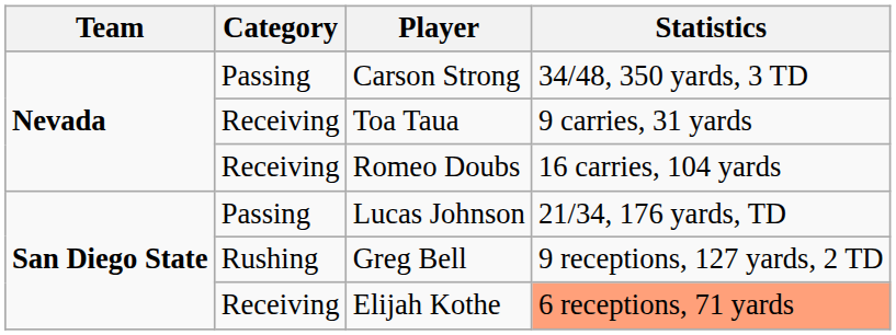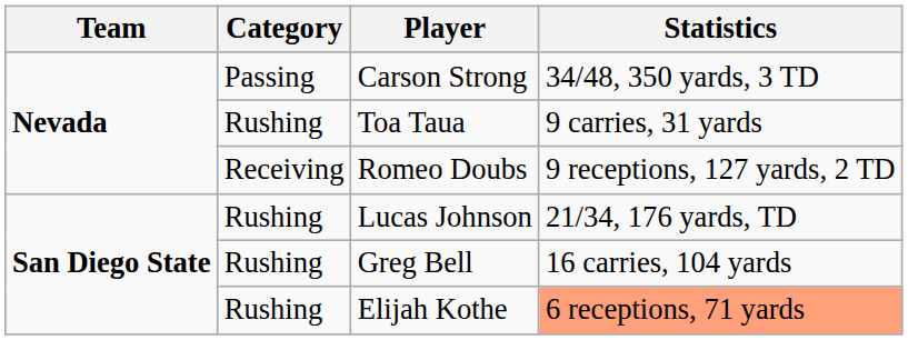 <table class="wikitable" style="float: left;">
 <tr>
 <th>Team</th>
 <th>Category</th>
 <th>Player</th>
 <th>Statistics</th>
 </tr>
 <tr>
 <td rowspan=3><strong>Nevada</strong></td>
 <td>Passing</td>
 <td>Carson Strong</td>
 <td>34/48, 350 yards, 3 TD</td>
 </tr>
 <tr>
-<td>Receiving</td>
+<td>Rushing</td>
 <td>Toa Taua</td>
 <td>9 carries, 31 yards</td>
 </tr>
 <tr>
 <td>Receiving</td>
 <td>Romeo Doubs</td>
-<td>16 carries, 104 yards</td>
+<td>9 receptions, 127 yards, 2 TD</td>
 </tr>
 <tr>
 <td rowspan=3><strong>San Diego State</strong></td>
-<td>Passing</td>
+<td>Rushing</td>
 <td>Lucas Johnson</td>
 <td>21/34, 176 yards, TD</td>
 </tr>
 <tr>
 <td>Rushing</td>
 <td>Greg Bell</td>
-<td>9 receptions, 127 yards, 2 TD</td>
+<td>16 carries, 104 yards</td>
 </tr>
 <tr>
-<td>Receiving</td>
+<td>Rushing</td>
 <td>Elijah Kothe</td>
 <td style="background: lightsalmon;">6 receptions, 71 yards</td>
 </tr>
 </table>
